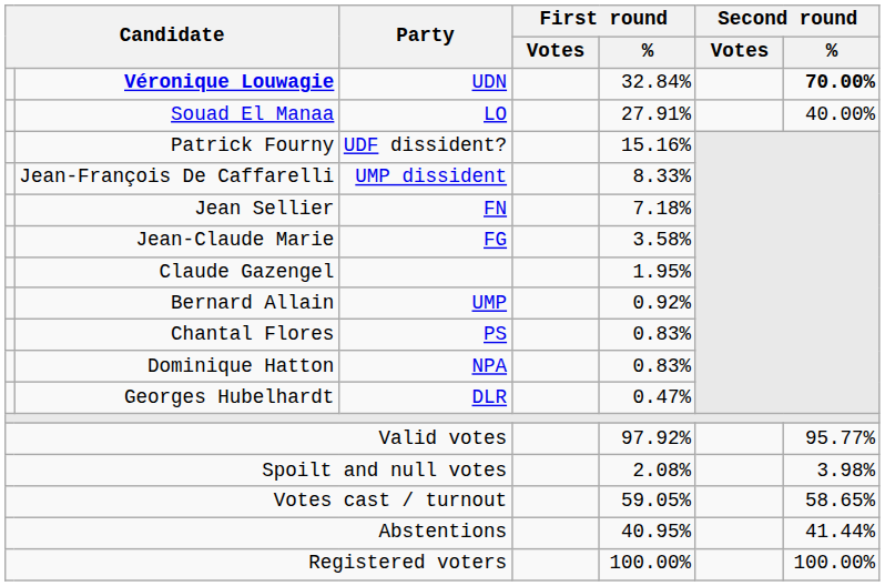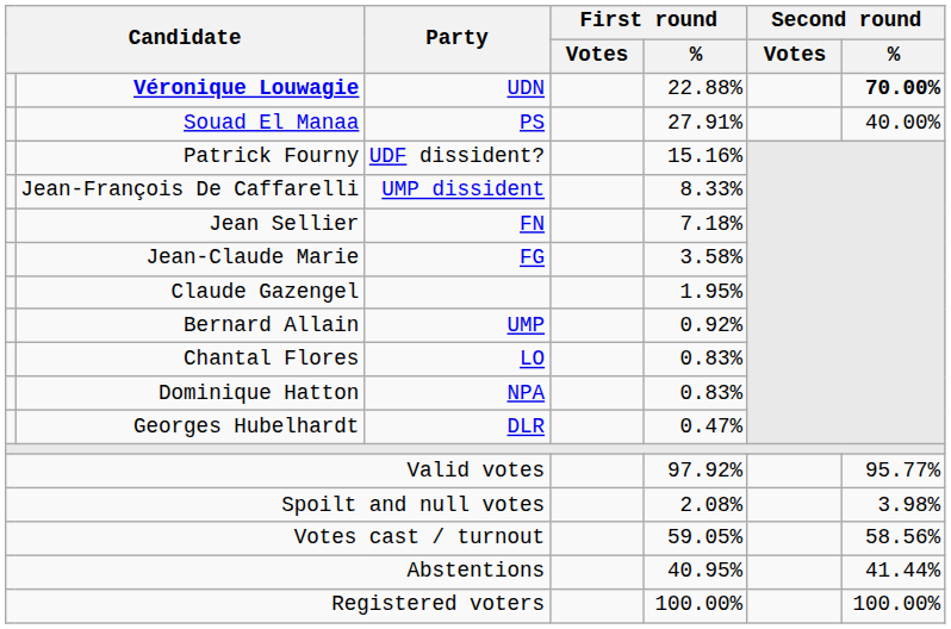 <table class="wikitable" style="text-align:right;font-size:95%;">
 <tr>
 <th rowspan=2 colspan=2>Candidate</th>
 <th rowspan=2 colspan=1>Party</th>
 <th colspan=2>First round</th>
 <th colspan=2>Second round</th>
 </tr>
 <tr>
 <th style="width:50px;">Votes</th>
 <th style="width:55px;">%</th>
 <th style="width:50px;">Votes</th>
 <th style="width:55px;">%</th>
 </tr>
 <tr>
 <td style="background-color:"></td>
 <td><strong><a href='#'>Véronique Louwagie</a></strong></td>
 <td><a href='#'>UDN</a></td>
 <td></td>
-<td>32.84%</td>
+<td>22.88%</td>
 <td><strong></strong></td>
 <td><strong>70.00%</strong></td>
 </tr>
 <tr>
 <td style="background-color:"></td>
 <td><a href='#'>Souad El Manaa</a></td>
-<td><a href='#'>LO</a></td>
+<td><a href='#'>PS</a></td>
 <td></td>
 <td>27.91%</td>
 <td></td>
 <td>40.00%</td>
 </tr>
 <tr>
 <td style="background-color:"></td>
 <td>Patrick Fourny</td>
 <td><a href='#'>UDF</a> dissident?</td>
 <td></td>
 <td>15.16%</td>
 <td colspan=7 rowspan=9 style="background-color:#E9E9E9;"></td>
 </tr>
 <tr>
 <td style="background-color:"></td>
 <td>Jean-François De Caffarelli</td>
 <td><a href='#'>UMP dissident</a></td>
 <td></td>
 <td>8.33%</td>
 </tr>
 <tr>
 <td style="background-color:;"></td>
 <td>Jean Sellier</td>
 <td><a href='#'>FN</a></td>
 <td></td>
 <td>7.18%</td>
 </tr>
 <tr>
 <td style="background-color:"></td>
 <td>Jean-Claude Marie</td>
 <td><a href='#'>FG</a></td>
 <td></td>
 <td>3.58%</td>
 </tr>
 <tr>
 <td style="background-color:;"></td>
 <td>Claude Gazengel</td>
 <td></td>
 <td></td>
 <td>1.95%</td>
 </tr>
 <tr>
 <td style="background-color:"></td>
 <td>Bernard Allain</td>
 <td><a href='#'>UMP</a></td>
 <td></td>
 <td>0.92%</td>
 </tr>
 <tr>
 <td style="background-color:"></td>
 <td>Chantal Flores</td>
-<td><a href='#'>PS</a></td>
+<td><a href='#'>LO</a></td>
 <td></td>
 <td>0.83%</td>
 </tr>
 <tr>
 <td style="background-color:"></td>
 <td>Dominique Hatton</td>
 <td><a href='#'>NPA</a></td>
 <td></td>
 <td>0.83%</td>
 </tr>
 <tr>
 <td style="background-color:"></td>
 <td>Georges Hubelhardt</td>
 <td><a href='#'>DLR</a></td>
 <td></td>
 <td>0.47%</td>
 </tr>
 <tr>
 <td colspan=7 style="background-color:#E9E9E9;"></td>
 </tr>
 <tr>
 <td colspan=3>Valid votes</td>
 <td></td>
 <td>97.92%</td>
 <td></td>
 <td>95.77%</td>
 </tr>
 <tr>
 <td colspan=3>Spoilt and null votes</td>
 <td></td>
 <td>2.08%</td>
 <td></td>
 <td>3.98%</td>
 </tr>
 <tr>
 <td colspan=3>Votes cast / turnout</td>
 <td></td>
 <td>59.05%</td>
 <td></td>
-<td>58.65%</td>
+<td>58.56%</td>
 </tr>
 <tr>
 <td colspan=3>Abstentions</td>
 <td></td>
 <td>40.95%</td>
 <td></td>
 <td>41.44%</td>
 </tr>
 <tr>
 <td colspan=3>Registered voters</td>
 <td></td>
 <td>100.00%</td>
 <td></td>
 <td>100.00%</td>
 </tr>
 </table>
